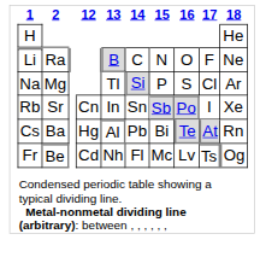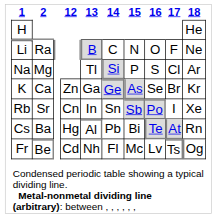 <table border=0 cellspacing="0" cellpadding="2" style="border:1px solid #ccc; float:right; text-align:center; margin:0 0 1em 1.4em; background:white; !important; width: 75px">
 <tr>
 <th></th>
 <th><a href='#'>1</a></th>
 <th><a href='#'>2</a></th>
 <th></th>
 <th><a href='#'>12</a></th>
 <th><a href='#'>13</a></th>
 <th><a href='#'>14</a></th>
 <th><a href='#'>15</a></th>
 <th><a href='#'>16</a></th>
 <th><a href='#'>17</a></th>
 <th><a href='#'>18</a></th>
 <th></th>
 </tr>
 <tr>
 <td> </td>
 <td style="border-right:1px solid black; border-top:1px solid black; border-left:1px solid black; border-bottom:2px solid grey;"><big>H</big><br></td>
 <td style="border-right:0px; border-top:0px; border-left:0px; border-bottom:2px solid grey"> </td>
 <td style="border-right:0px; border-top:0px; border-left:0px; border-bottom:0px solid black"> </td>
 <td style="border-right:0px; border-top:0px; border-left:0px; border-bottom:0px solid black"> </td>
 <td style="border-right:0px; border-top:0px; border-left:0px; border-bottom:1px solid black"> </td>
 <td style="border-right:0px; border-top:0px; border-left:0px; border-bottom:1px solid black"> </td>
 <td style="border-right:0px; border-top:0px; border-left:0px; border-bottom:1px solid black"> </td>
 <td style="border-right:0px; border-top:0px; border-left:0px; border-bottom:1px solid black"> </td>
 <td style="border-right:1px solid black; border-top:0px; border-left:0px; border-bottom:1px solid black"> </td>
 <td style="border-right:1px solid black; border-top:1px solid black; border-left:0px; border-bottom:1px solid black"><big>He</big><br></td>
 <td> </td>
 </tr>
 <tr>
 <td></td>
 <td style="border-right:1px solid black; border-top:2px solid grey; border-left:1px solid black; border-bottom:1px solid black"><big>Li</big><br></td>
 <td style="border-right:1px solid black; border-top:0px; border-left:0px; border-bottom:1px solid black"><big>Ra</big><br></td>
 <td style="border-left:2px solid grey"></td>
 <td style="border-right:2px solid grey; border-top:0px; border-left:0px; border-bottom:0px solid black"></td>
 <td style="background:#dcdcdc; color:#000000; border-right:1px solid black; border-top:0px; border-left:2px solid grey; border-bottom:2px solid grey"><big><a href='#'>B</a></big><br></td>
 <td style="border-right:1px solid black; border-top:0px; border-left:0px; border-bottom:1px solid black"><big>C</big><br></td>
 <td style="border-right:1px solid black; border-top:0px; border-left:0px; border-bottom:1px solid black"><big>N</big><br></td>
 <td style="border-right:1px solid black; border-top:0px; border-left:0px; border-bottom:1px solid black"><big>O</big><br></td>
 <td style="border-right:1px solid black; border-top:0px; border-left:0px; border-bottom:1px solid black"><big>F</big><br></td>
 <td style="border-right:1px solid black; border-top:0px; border-left:0px; border-bottom:1px solid black"><big>Ne</big><br></td>
 <td></td>
 </tr>
 <tr>
 <td></td>
 <td style="border-right:1px solid black; border-top:0px; border-left:1px solid black; border-bottom:1px solid black"><big>Na</big><br></td>
 <td style="border-right:1px solid black; border-top:0px; border-left:0px; border-bottom:1px solid black"><big>Mg</big><br></td>
 <td></td>
 <td style="border-right:1px solid black; border-bottom:1px solid black"></td>
 <td style="border-right:1px solid black; border-top:0px; border-left:0px; border-bottom:1px solid black"><big>Tl</big><br></td>
 <td style="background:#dcdcdc; color:#000000; border-right:1px solid black; border-top:0px; border-left:2px solid grey; border-bottom:2px solid grey"><big><a href='#'>Si</a></big><br></td>
 <td style="border-right:1px solid black; border-top:0px; border-left:0px; border-bottom:1px solid black"><big>P</big><br></td>
 <td style="border-right:1px solid black; border-top:0px; border-left:0px; border-bottom:1px solid black"><big>S</big><br></td>
 <td style="border-right:1px solid black; border-top:0px; border-left:0px; border-bottom:1px solid black"><big>Cl</big><br></td>
 <td style="border-right:1px solid black; border-top:0px; border-left:0px; border-bottom:1px solid black"><big>Ar</big><br></td>
 <td></td>
 </tr>
 <tr>
 <td></td>
+<td style="border-right:1px solid black; border-top:0px; border-left:1px solid black; border-bottom:1px solid black"><big>K</big><br></td>
+<td style="border-right:1px solid black; border-top:0px; border-left:0px; border-bottom:1px solid black"><big>Ca</big><br></td>
+<td></td>
+<td style="border-right:1px solid black; border-top:0px; border-left:1px solid black; border-bottom:1px solid black"><big>Zn</big><br></td>
+<td style="border-right:1px solid black; border-top:0px; border-left:0px; border-bottom:1px solid black"><big>Ga</big><br></td>
+<td style="background:#dcdcdc; color:#000000; border-right:2px solid grey; border-top:2px solid grey; border-left:0px; border-bottom:1px solid black"><big><a href='#'>Ge</a></big><br></td>
+<td style="background:#dcdcdc; color:#000000; border-right:1px solid black; border-top:0px; border-left:2px solid grey; border-bottom:2px solid grey"><big><a href='#'>As</a></big><br></td>
+<td style="border-right:1px solid black; border-top:0px; border-left:0px; border-bottom:1px solid black"><big>Se</big><br></td>
+<td style="border-right:1px solid black; border-top:0px; border-left:0px; border-bottom:1px solid black"><big>Br</big><br></td>
+<td style="border-right:1px solid black; border-top:0px; border-left:0px; border-bottom:1px solid black"><big>Kr</big><br></td>
+<td></td>
+</tr>
+<tr>
+<td></td>
 <td style="border-right:1px solid black; border-top:0px; border-left:1px solid black; border-bottom:1px solid black"><big>Rb</big><br></td>
 <td style="border-right:1px solid black; border-top:0px; border-left:0px; border-bottom:1px solid black"><big>Sr</big><br></td>
 <td></td>
 <td style="border-right:1px solid black; border-top:0px; border-left:1px solid black; border-bottom:1px solid black"><big>Cn</big><br></td>
 <td style="border-right:1px solid black; border-top:0px; border-left:0px; border-bottom:1px solid black"><big>In</big><br></td>
 <td style="border-right:1px solid black; border-top:0px; border-left:0px; border-bottom:1px solid black"><big>Sn</big><br></td>
 <td style="background:#dcdcdc; color:#000000; border-right:2px solid grey; border-top:2px solid grey; border-left:0px; border-bottom:1px solid black"><big><a href='#'>Sb</a></big><br></td>
 <td style="background:#dcdcdc; color:#000000; border-right:2px solid grey; border-top:2px solid grey; border-left:0px; border-bottom:1px solid black"><big><a href='#'>Po</a></big><br></td>
 <td style="border-right:1px solid black; border-top:0px; border-left:0px; border-bottom:1px solid black"><big>I</big><br></td>
 <td style="border-right:1px solid black; border-top:0px; border-left:0px; border-bottom:1px solid black"><big>Xe</big><br></td>
 <td></td>
 </tr>
 <tr>
 <td></td>
 <td style="border-right:1px solid black; border-top:0px; border-left:1px solid black; border-bottom:1px solid black"><big>Cs</big><br></td>
 <td style="border-right:1px solid black; border-top:0px; border-left:0px; border-bottom:1px solid black"><big>Ba</big><br></td>
 <td></td>
 <td style="border-right:1px solid black; border-top:0px; border-left:1px solid black; border-bottom:1px solid black"><big>Hg</big><br></td>
 <td style="border-right:2px solid grey; border-top:2px solid grey; border-left:0px; border-bottom:1px solid black"><big>Al</big><br></td>
 <td style="border-right:1px solid black; border-top:0px; border-left:0px; border-bottom:1px solid black"><big>Pb</big><br></td>
 <td style="border-right:1px solid black; border-top:0px; border-left:0px; border-bottom:1px solid black"><big>Bi</big><br></td>
 <td style="background:#dcdcdc; color:#000000; border-right:1px solid black; border-top:0px; border-left:2px solid grey; border-bottom:2px solid grey"><big><a href='#'>Te</a></big><br></td>
 <td style="background:#dcdcdc; color:#000000; border-right:1px solid black; border-top:0px; border-left:2px solid grey; border-bottom:2px solid grey"><big><a href='#'>At</a></big><br></td>
 <td style="border-right:1px solid black; border-top:0px; border-left:0px; border-bottom:1px solid black"><big>Rn</big><br></td>
 <td></td>
 </tr>
 <tr>
 <td></td>
 <td style="border-right:1px solid black; border-top:0px; border-left:1px solid black; border-bottom:1px solid black"><big>Fr</big><br></td>
 <td style="border-right:2px solid grey; border-top:2px solid grey; border-left:0px; border-bottom:1px solid black"><big>Be</big><br></td>
 <td></td>
 <td style="border-right:1px solid black; border-top:0px; border-left:1px solid black; border-bottom:1px solid black"><big>Cd</big><br></td>
 <td style="border-right:1px solid black; border-top:0px; border-left:0px; border-bottom:1px solid black"><big>Nh</big><br></td>
 <td style="border-right:1px solid black; border-top:0px; border-left:0px; border-bottom:1px solid black"><big>Fl</big><br></td>
 <td style="border-right:1px solid black; border-top:0px; border-left:0px; border-bottom:1px solid black"><big>Mc</big><br></td>
 <td style="border-right:1px solid black; border-top:0px; border-left:0px; border-bottom:1px solid black"><big>Lv</big><br></td>
 <td style="border-right:2px solid grey; border-top:2px solid grey; border-left:0px; border-bottom:1px solid black"><big>Ts</big><br></td>
 <td style="border-right:1px solid black; border-top:0px; border-left:2px solid grey; border-bottom:1px solid black"><big>Og</big><br></td>
 <td></td>
 </tr>
 <tr style="height:10px;">
 <td></td>
 </tr>
 <tr>
 <td></td>
 <td colspan="10" style="text-align:left; font-size:90%">Condensed periodic table showing a typical  dividing line.<br> <div><span> </span> <span><strong>Metal-nonmetal dividing line (arbitrary)</strong>: between , , , , , , </span></div></td>
 </tr>
 </table>
